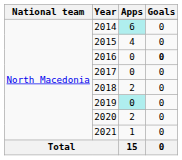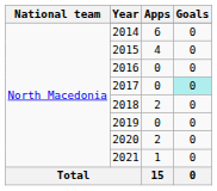 <table class="wikitable" style="text-align: center;">
 <tr>
 <th>National team</th>
 <th>Year</th>
 <th>Apps</th>
 <th>Goals</th>
 </tr>
 <tr>
 <td rowspan="9"><a href='#'>North Macedonia</a></td>
 </tr>
 <tr>
 <td>2014</td>
-<td style="background: paleturquoise;">6</td>
+<td>6</td>
 <td>0</td>
 </tr>
 <tr>
 <td>2015</td>
 <td>4</td>
 <td>0</td>
 </tr>
 <tr>
 <td>2016</td>
 <td>0</td>
-<td><strong>0</strong></td>
+<td>0</td>
 </tr>
 <tr>
 <td>2017</td>
 <td>0</td>
-<td>0</td>
+<td style="background: paleturquoise;">0</td>
 </tr>
 <tr>
 <td>2018</td>
 <td>2</td>
 <td>0</td>
 </tr>
 <tr>
 <td>2019</td>
-<td style="background: paleturquoise;">0</td>
+<td>0</td>
 <td>0</td>
 </tr>
 <tr>
 <td>2020</td>
 <td>2</td>
 <td>0</td>
 </tr>
 <tr>
 <td>2021</td>
 <td>1</td>
 <td>0</td>
 </tr>
 <tr>
 <th colspan="2">Total</th>
 <th>15</th>
 <th>0</th>
 </tr>
 </table>
